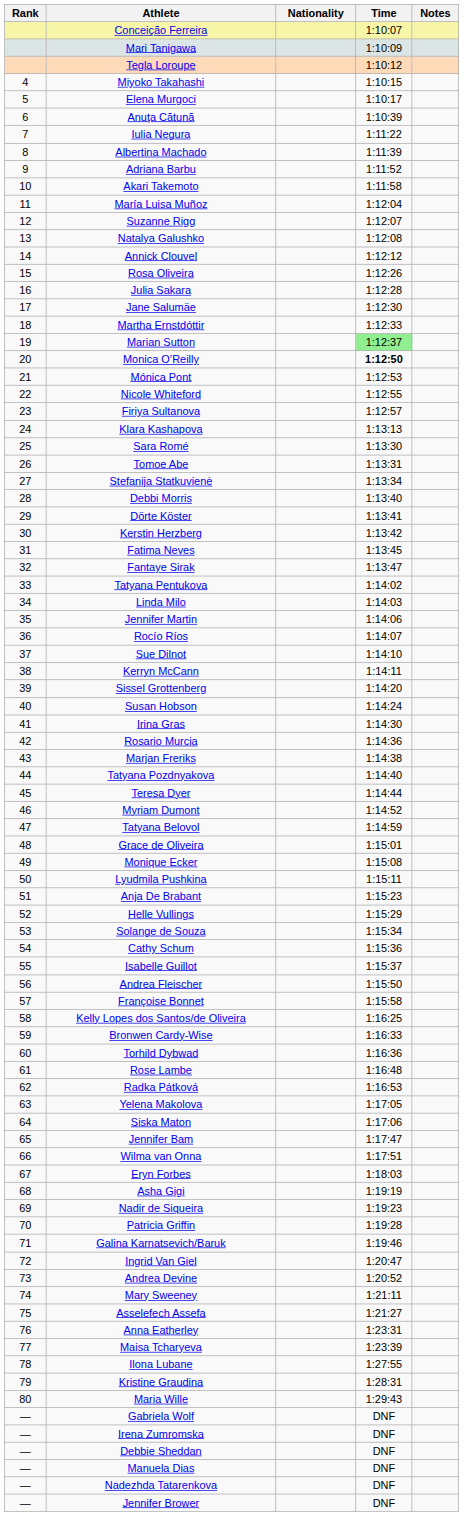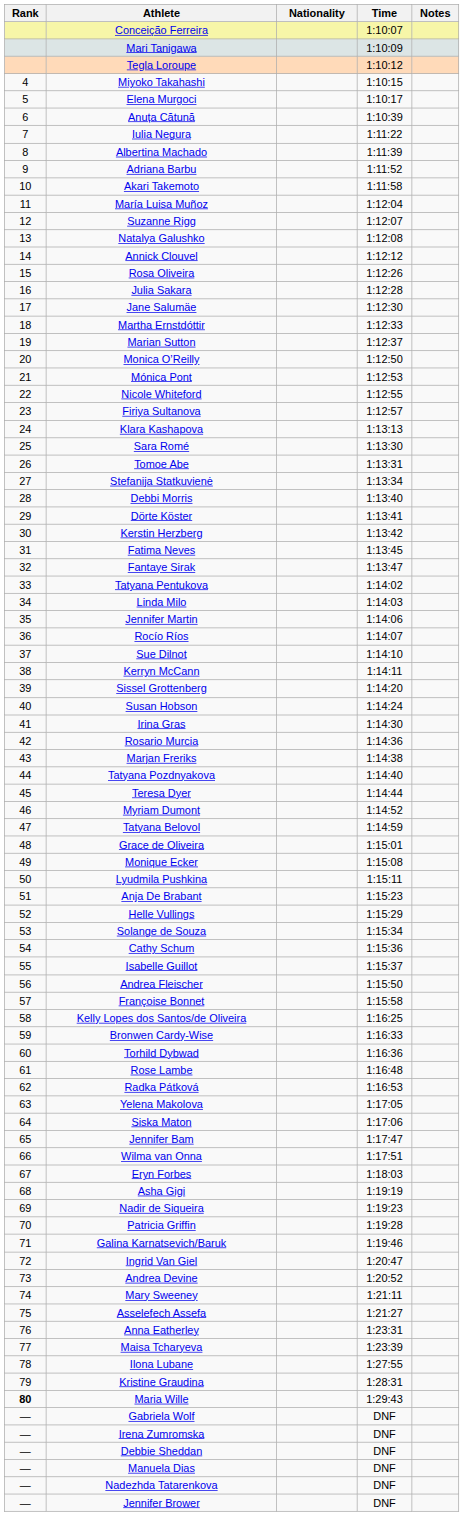 <table class="wikitable sortable" style=" text-align:center; font-size:95%;" width="50%">
 <tr>
 <th>Rank</th>
 <th>Athlete</th>
 <th>Nationality</th>
 <th>Time</th>
 <th>Notes</th>
 </tr>
 <tr bgcolor="#F7F6A8">
 <td align=center></td>
 <td><a href='#'>Conceição Ferreira</a></td>
 <td></td>
 <td>1:10:07</td>
 <td></td>
 </tr>
 <tr bgcolor="#DCE5E5">
 <td align=center></td>
 <td><a href='#'>Mari Tanigawa</a></td>
 <td></td>
 <td>1:10:09</td>
 <td></td>
 </tr>
 <tr bgcolor="#FFDAB9">
 <td align=center></td>
 <td><a href='#'>Tegla Loroupe</a></td>
 <td></td>
 <td>1:10:12</td>
 <td></td>
 </tr>
 <tr>
 <td align=center>4</td>
 <td><a href='#'>Miyoko Takahashi</a></td>
 <td></td>
 <td>1:10:15</td>
 <td></td>
 </tr>
 <tr>
 <td align=center>5</td>
 <td><a href='#'>Elena Murgoci</a></td>
 <td></td>
 <td>1:10:17</td>
 <td></td>
 </tr>
 <tr>
 <td align=center>6</td>
 <td><a href='#'>Anuța Cătună</a></td>
 <td></td>
 <td>1:10:39</td>
 <td></td>
 </tr>
 <tr>
 <td align=center>7</td>
 <td><a href='#'>Iulia Negura</a></td>
 <td></td>
 <td>1:11:22</td>
 <td></td>
 </tr>
 <tr>
 <td align=center>8</td>
 <td><a href='#'>Albertina Machado</a></td>
 <td></td>
 <td>1:11:39</td>
 <td></td>
 </tr>
 <tr>
 <td align=center>9</td>
 <td><a href='#'>Adriana Barbu</a></td>
 <td></td>
 <td>1:11:52</td>
 <td></td>
 </tr>
 <tr>
 <td align=center>10</td>
 <td><a href='#'>Akari Takemoto</a></td>
 <td></td>
 <td>1:11:58</td>
 <td></td>
 </tr>
 <tr>
 <td align=center>11</td>
 <td><a href='#'>María Luisa Muñoz</a></td>
 <td></td>
 <td>1:12:04</td>
 <td></td>
 </tr>
 <tr>
 <td align=center>12</td>
 <td><a href='#'>Suzanne Rigg</a></td>
 <td></td>
 <td>1:12:07</td>
 <td></td>
 </tr>
 <tr>
 <td align=center>13</td>
 <td><a href='#'>Natalya Galushko</a></td>
 <td></td>
 <td>1:12:08</td>
 <td></td>
 </tr>
 <tr>
 <td align=center>14</td>
 <td><a href='#'>Annick Clouvel</a></td>
 <td></td>
 <td>1:12:12</td>
 <td></td>
 </tr>
 <tr>
 <td align=center>15</td>
 <td><a href='#'>Rosa Oliveira</a></td>
 <td></td>
 <td>1:12:26</td>
 <td></td>
 </tr>
 <tr>
 <td align=center>16</td>
 <td><a href='#'>Julia Sakara</a></td>
 <td></td>
 <td>1:12:28</td>
 <td></td>
 </tr>
 <tr>
 <td align=center>17</td>
 <td><a href='#'>Jane Salumäe</a></td>
 <td></td>
 <td>1:12:30</td>
 <td></td>
 </tr>
 <tr>
 <td align=center>18</td>
 <td><a href='#'>Martha Ernstdóttir</a></td>
 <td></td>
 <td>1:12:33</td>
 <td></td>
 </tr>
 <tr>
 <td align=center>19</td>
 <td><a href='#'>Marian Sutton</a></td>
 <td></td>
-<td style="background: lightgreen;">1:12:37</td>
+<td>1:12:37</td>
 <td></td>
 </tr>
 <tr>
 <td align=center>20</td>
 <td><a href='#'>Monica OʼReilly</a></td>
 <td></td>
-<td><strong>1:12:50</strong></td>
+<td>1:12:50</td>
 <td></td>
 </tr>
 <tr>
 <td align=center>21</td>
 <td><a href='#'>Mónica Pont</a></td>
 <td></td>
 <td>1:12:53</td>
 <td></td>
 </tr>
 <tr>
 <td align=center>22</td>
 <td><a href='#'>Nicole Whiteford</a></td>
 <td></td>
 <td>1:12:55</td>
 <td></td>
 </tr>
 <tr>
 <td align=center>23</td>
 <td><a href='#'>Firiya Sultanova</a></td>
 <td></td>
 <td>1:12:57</td>
 <td></td>
 </tr>
 <tr>
 <td align=center>24</td>
 <td><a href='#'>Klara Kashapova</a></td>
 <td></td>
 <td>1:13:13</td>
 <td></td>
 </tr>
 <tr>
 <td align=center>25</td>
 <td><a href='#'>Sara Romé</a></td>
 <td></td>
 <td>1:13:30</td>
 <td></td>
 </tr>
 <tr>
 <td align=center>26</td>
 <td><a href='#'>Tomoe Abe</a></td>
 <td></td>
 <td>1:13:31</td>
 <td></td>
 </tr>
 <tr>
 <td align=center>27</td>
 <td><a href='#'>Stefanija Statkuvienė</a></td>
 <td></td>
 <td>1:13:34</td>
 <td></td>
 </tr>
 <tr>
 <td align=center>28</td>
 <td><a href='#'>Debbi Morris</a></td>
 <td></td>
 <td>1:13:40</td>
 <td></td>
 </tr>
 <tr>
 <td align=center>29</td>
 <td><a href='#'>Dörte Köster</a></td>
 <td></td>
 <td>1:13:41</td>
 <td></td>
 </tr>
 <tr>
 <td align=center>30</td>
 <td><a href='#'>Kerstin Herzberg</a></td>
 <td></td>
 <td>1:13:42</td>
 <td></td>
 </tr>
 <tr>
 <td align=center>31</td>
 <td><a href='#'>Fatima Neves</a></td>
 <td></td>
 <td>1:13:45</td>
 <td></td>
 </tr>
 <tr>
 <td align=center>32</td>
 <td><a href='#'>Fantaye Sirak</a></td>
 <td></td>
 <td>1:13:47</td>
 <td></td>
 </tr>
 <tr>
 <td align=center>33</td>
 <td><a href='#'>Tatyana Pentukova</a></td>
 <td></td>
 <td>1:14:02</td>
 <td></td>
 </tr>
 <tr>
 <td align=center>34</td>
 <td><a href='#'>Linda Milo</a></td>
 <td></td>
 <td>1:14:03</td>
 <td></td>
 </tr>
 <tr>
 <td align=center>35</td>
 <td><a href='#'>Jennifer Martin</a></td>
 <td></td>
 <td>1:14:06</td>
 <td></td>
 </tr>
 <tr>
 <td align=center>36</td>
 <td><a href='#'>Rocío Ríos</a></td>
 <td></td>
 <td>1:14:07</td>
 <td></td>
 </tr>
 <tr>
 <td align=center>37</td>
 <td><a href='#'>Sue Dilnot</a></td>
 <td></td>
 <td>1:14:10</td>
 <td></td>
 </tr>
 <tr>
 <td align=center>38</td>
 <td><a href='#'>Kerryn McCann</a></td>
 <td></td>
 <td>1:14:11</td>
 <td></td>
 </tr>
 <tr>
 <td align=center>39</td>
 <td><a href='#'>Sissel Grottenberg</a></td>
 <td></td>
 <td>1:14:20</td>
 <td></td>
 </tr>
 <tr>
 <td align=center>40</td>
 <td><a href='#'>Susan Hobson</a></td>
 <td></td>
 <td>1:14:24</td>
 <td></td>
 </tr>
 <tr>
 <td align=center>41</td>
 <td><a href='#'>Irina Gras</a></td>
 <td></td>
 <td>1:14:30</td>
 <td></td>
 </tr>
 <tr>
 <td align=center>42</td>
 <td><a href='#'>Rosario Murcia</a></td>
 <td></td>
 <td>1:14:36</td>
 <td></td>
 </tr>
 <tr>
 <td align=center>43</td>
 <td><a href='#'>Marjan Freriks</a></td>
 <td></td>
 <td>1:14:38</td>
 <td></td>
 </tr>
 <tr>
 <td align=center>44</td>
 <td><a href='#'>Tatyana Pozdnyakova</a></td>
 <td></td>
 <td>1:14:40</td>
 <td></td>
 </tr>
 <tr>
 <td align=center>45</td>
 <td><a href='#'>Teresa Dyer</a></td>
 <td></td>
 <td>1:14:44</td>
 <td></td>
 </tr>
 <tr>
 <td align=center>46</td>
 <td><a href='#'>Myriam Dumont</a></td>
 <td></td>
 <td>1:14:52</td>
 <td></td>
 </tr>
 <tr>
 <td align=center>47</td>
 <td><a href='#'>Tatyana Belovol</a></td>
 <td></td>
 <td>1:14:59</td>
 <td></td>
 </tr>
 <tr>
 <td align=center>48</td>
 <td><a href='#'>Grace de Oliveira</a></td>
 <td></td>
 <td>1:15:01</td>
 <td></td>
 </tr>
 <tr>
 <td align=center>49</td>
 <td><a href='#'>Monique Ecker</a></td>
 <td></td>
 <td>1:15:08</td>
 <td></td>
 </tr>
 <tr>
 <td align=center>50</td>
 <td><a href='#'>Lyudmila Pushkina</a></td>
 <td></td>
 <td>1:15:11</td>
 <td></td>
 </tr>
 <tr>
 <td align=center>51</td>
 <td><a href='#'>Anja De Brabant</a></td>
 <td></td>
 <td>1:15:23</td>
 <td></td>
 </tr>
 <tr>
 <td align=center>52</td>
 <td><a href='#'>Helle Vullings</a></td>
 <td></td>
 <td>1:15:29</td>
 <td></td>
 </tr>
 <tr>
 <td align=center>53</td>
 <td><a href='#'>Solange de Souza</a></td>
 <td></td>
 <td>1:15:34</td>
 <td></td>
 </tr>
 <tr>
 <td align=center>54</td>
 <td><a href='#'>Cathy Schum</a></td>
 <td></td>
 <td>1:15:36</td>
 <td></td>
 </tr>
 <tr>
 <td align=center>55</td>
 <td><a href='#'>Isabelle Guillot</a></td>
 <td></td>
 <td>1:15:37</td>
 <td></td>
 </tr>
 <tr>
 <td align=center>56</td>
 <td><a href='#'>Andrea Fleischer</a></td>
 <td></td>
 <td>1:15:50</td>
 <td></td>
 </tr>
 <tr>
 <td align=center>57</td>
 <td><a href='#'>Françoise Bonnet</a></td>
 <td></td>
 <td>1:15:58</td>
 <td></td>
 </tr>
 <tr>
 <td align=center>58</td>
 <td><a href='#'>Kelly Lopes dos Santos/de Oliveira</a></td>
 <td></td>
 <td>1:16:25</td>
 <td></td>
 </tr>
 <tr>
 <td align=center>59</td>
 <td><a href='#'>Bronwen Cardy-Wise</a></td>
 <td></td>
 <td>1:16:33</td>
 <td></td>
 </tr>
 <tr>
 <td align=center>60</td>
 <td><a href='#'>Torhild Dybwad</a></td>
 <td></td>
 <td>1:16:36</td>
 <td></td>
 </tr>
 <tr>
 <td align=center>61</td>
 <td><a href='#'>Rose Lambe</a></td>
 <td></td>
 <td>1:16:48</td>
 <td></td>
 </tr>
 <tr>
 <td align=center>62</td>
 <td><a href='#'>Radka Pátková</a></td>
 <td></td>
 <td>1:16:53</td>
 <td></td>
 </tr>
 <tr>
 <td align=center>63</td>
 <td><a href='#'>Yelena Makolova</a></td>
 <td></td>
 <td>1:17:05</td>
 <td></td>
 </tr>
 <tr>
 <td align=center>64</td>
 <td><a href='#'>Siska Maton</a></td>
 <td></td>
 <td>1:17:06</td>
 <td></td>
 </tr>
 <tr>
 <td align=center>65</td>
 <td><a href='#'>Jennifer Bam</a></td>
 <td></td>
 <td>1:17:47</td>
 <td></td>
 </tr>
 <tr>
 <td align=center>66</td>
 <td><a href='#'>Wilma van Onna</a></td>
 <td></td>
 <td>1:17:51</td>
 <td></td>
 </tr>
 <tr>
 <td align=center>67</td>
 <td><a href='#'>Eryn Forbes</a></td>
 <td></td>
 <td>1:18:03</td>
 <td></td>
 </tr>
 <tr>
 <td align=center>68</td>
 <td><a href='#'>Asha Gigi</a></td>
 <td></td>
 <td>1:19:19</td>
 <td></td>
 </tr>
 <tr>
 <td align=center>69</td>
 <td><a href='#'>Nadir de Siqueira</a></td>
 <td></td>
 <td>1:19:23</td>
 <td></td>
 </tr>
 <tr>
 <td align=center>70</td>
 <td><a href='#'>Patricia Griffin</a></td>
 <td></td>
 <td>1:19:28</td>
 <td></td>
 </tr>
 <tr>
 <td align=center>71</td>
 <td><a href='#'>Galina Karnatsevich/Baruk</a></td>
 <td></td>
 <td>1:19:46</td>
 <td></td>
 </tr>
 <tr>
 <td align=center>72</td>
 <td><a href='#'>Ingrid Van Giel</a></td>
 <td></td>
 <td>1:20:47</td>
 <td></td>
 </tr>
 <tr>
 <td align=center>73</td>
 <td><a href='#'>Andrea Devine</a></td>
 <td></td>
 <td>1:20:52</td>
 <td></td>
 </tr>
 <tr>
 <td align=center>74</td>
 <td><a href='#'>Mary Sweeney</a></td>
 <td></td>
 <td>1:21:11</td>
 <td></td>
 </tr>
 <tr>
 <td align=center>75</td>
 <td><a href='#'>Asselefech Assefa</a></td>
 <td></td>
 <td>1:21:27</td>
 <td></td>
 </tr>
 <tr>
 <td align=center>76</td>
 <td><a href='#'>Anna Eatherley</a></td>
 <td></td>
 <td>1:23:31</td>
 <td></td>
 </tr>
 <tr>
 <td align=center>77</td>
 <td><a href='#'>Maisa Tcharyeva</a></td>
 <td></td>
 <td>1:23:39</td>
 <td></td>
 </tr>
 <tr>
 <td align=center>78</td>
 <td><a href='#'>Ilona Lubane</a></td>
 <td></td>
 <td>1:27:55</td>
 <td></td>
 </tr>
 <tr>
 <td align=center>79</td>
 <td><a href='#'>Kristine Graudina</a></td>
 <td></td>
 <td>1:28:31</td>
 <td></td>
 </tr>
 <tr>
-<td align=center>80</td>
+<td align=center><strong>80</strong></td>
 <td><a href='#'>Maria Wille</a></td>
 <td></td>
 <td>1:29:43</td>
 <td></td>
 </tr>
 <tr>
 <td align=center>—</td>
 <td><a href='#'>Gabriela Wolf</a></td>
 <td></td>
 <td>DNF</td>
 <td></td>
 </tr>
 <tr>
 <td align=center>—</td>
 <td><a href='#'>Irena Zumromska</a></td>
 <td></td>
 <td>DNF</td>
 <td></td>
 </tr>
 <tr>
 <td align=center>—</td>
 <td><a href='#'>Debbie Sheddan</a></td>
 <td></td>
 <td>DNF</td>
 <td></td>
 </tr>
 <tr>
 <td align=center>—</td>
 <td><a href='#'>Manuela Dias</a></td>
 <td></td>
 <td>DNF</td>
 <td></td>
 </tr>
 <tr>
 <td align=center>—</td>
 <td><a href='#'>Nadezhda Tatarenkova</a></td>
 <td></td>
 <td>DNF</td>
 <td></td>
 </tr>
 <tr>
 <td align=center>—</td>
 <td><a href='#'>Jennifer Brower</a></td>
 <td></td>
 <td>DNF</td>
 <td></td>
 </tr>
 </table>
